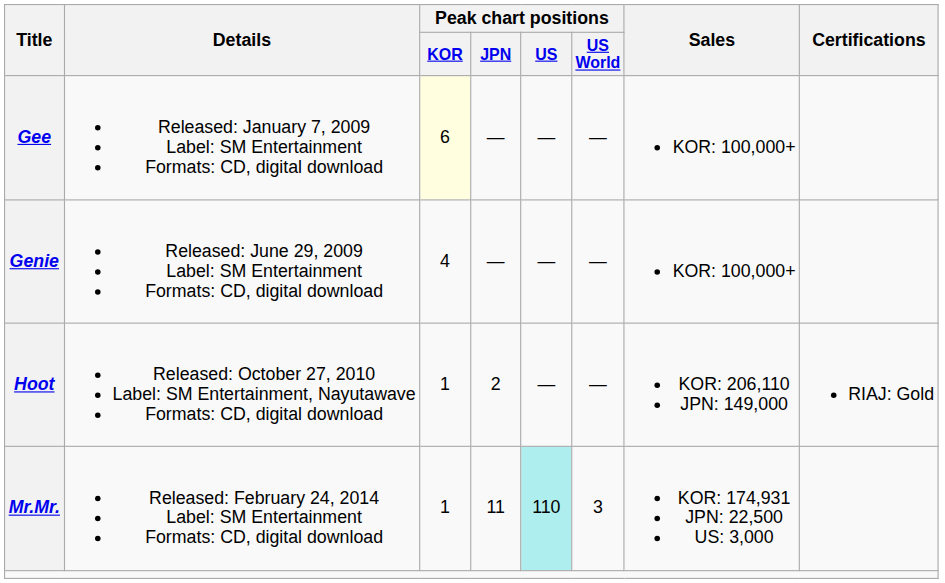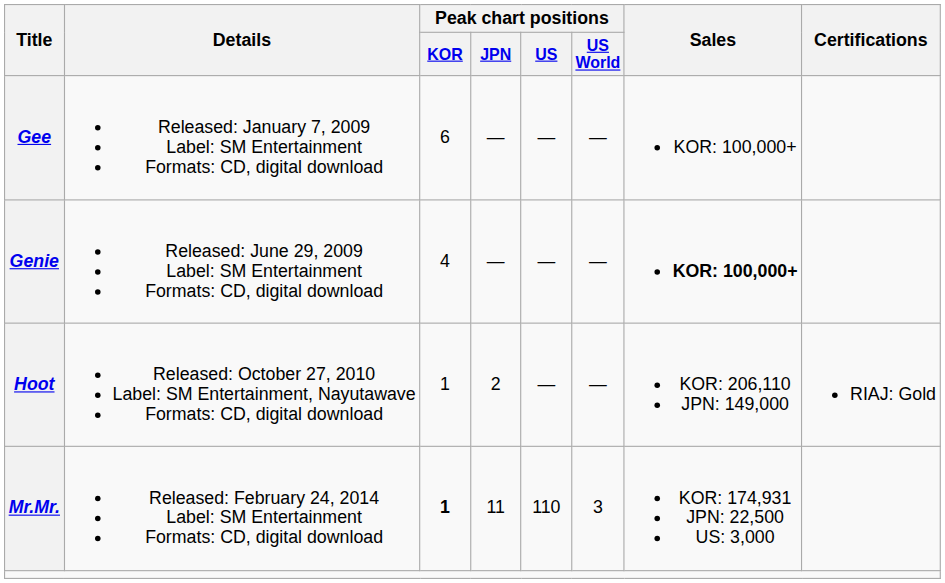 <table class="wikitable plainrowheaders" style="text-align:center;">
 <tr>
 <th scope="col" rowspan="2">Title</th>
 <th scope="col" rowspan="2">Details</th>
 <th scope="col" colspan="4">Peak chart positions</th>
 <th scope="col" rowspan="2">Sales</th>
 <th scope="col" rowspan="2">Certifications</th>
 </tr>
 <tr>
 <th scope="col" style="width:2.7em;font-size:90%;"><a href='#'>KOR</a><br></th>
 <th scope="col" style="width:2.7em;font-size:90%;"><a href='#'>JPN</a><br></th>
 <th scope="col" style="width:2.7em;font-size:90%;"><a href='#'>US</a><br></th>
 <th scope="col" style="width:2.7em;font-size:90%;"><a href='#'>US<br>World</a><br></th>
 </tr>
 <tr>
 <th scope="row"><em><a href='#'>Gee</a></em></th>
 <td><br><ul><li>Released: January 7, 2009</li><li>Label: SM Entertainment</li><li>Formats: CD, digital download</li></ul></td>
-<td style="background: lightyellow;">6</td>
+<td>6</td>
 <td>—</td>
 <td>—</td>
 <td>—</td>
 <td><br><ul><li>KOR: 100,000+</li></ul></td>
 <td></td>
 </tr>
 <tr>
 <th scope="row"><em><a href='#'>Genie</a></em></th>
 <td><br><ul><li>Released: June 29, 2009</li><li>Label: SM Entertainment</li><li>Formats: CD, digital download</li></ul></td>
 <td>4</td>
 <td>—</td>
 <td>—</td>
 <td>—</td>
-<td><br><ul><li>KOR: 100,000+</li></ul></td>
+<td><strong><br><ul><li>KOR: 100,000+</li></ul></strong></td>
 </tr>
 <tr>
 <th scope="row"><em><a href='#'>Hoot</a></em></th>
 <td><br><ul><li>Released: October 27, 2010</li><li>Label: SM Entertainment, Nayutawave</li><li>Formats: CD, digital download</li></ul></td>
 <td>1</td>
 <td>2</td>
 <td>—</td>
 <td>—</td>
 <td><br><ul><li>KOR: 206,110</li><li>JPN: 149,000</li></ul></td>
 <td><br><ul><li>RIAJ: Gold</li></ul></td>
 </tr>
 <tr>
 <th scope="row"><em><a href='#'>Mr.Mr.</a></em></th>
 <td><br><ul><li>Released: February 24, 2014</li><li>Label: SM Entertainment</li><li>Formats: CD, digital download</li></ul></td>
-<td>1</td>
+<td><strong>1</strong></td>
 <td>11</td>
-<td style="background: paleturquoise;">110</td>
+<td>110</td>
 <td>3</td>
 <td><br><ul><li>KOR: 174,931</li><li>JPN: 22,500</li><li>US: 3,000</li></ul></td>
 <td></td>
 </tr>
 <tr>
 <td colspan="8"></td>
 </tr>
 </table>
